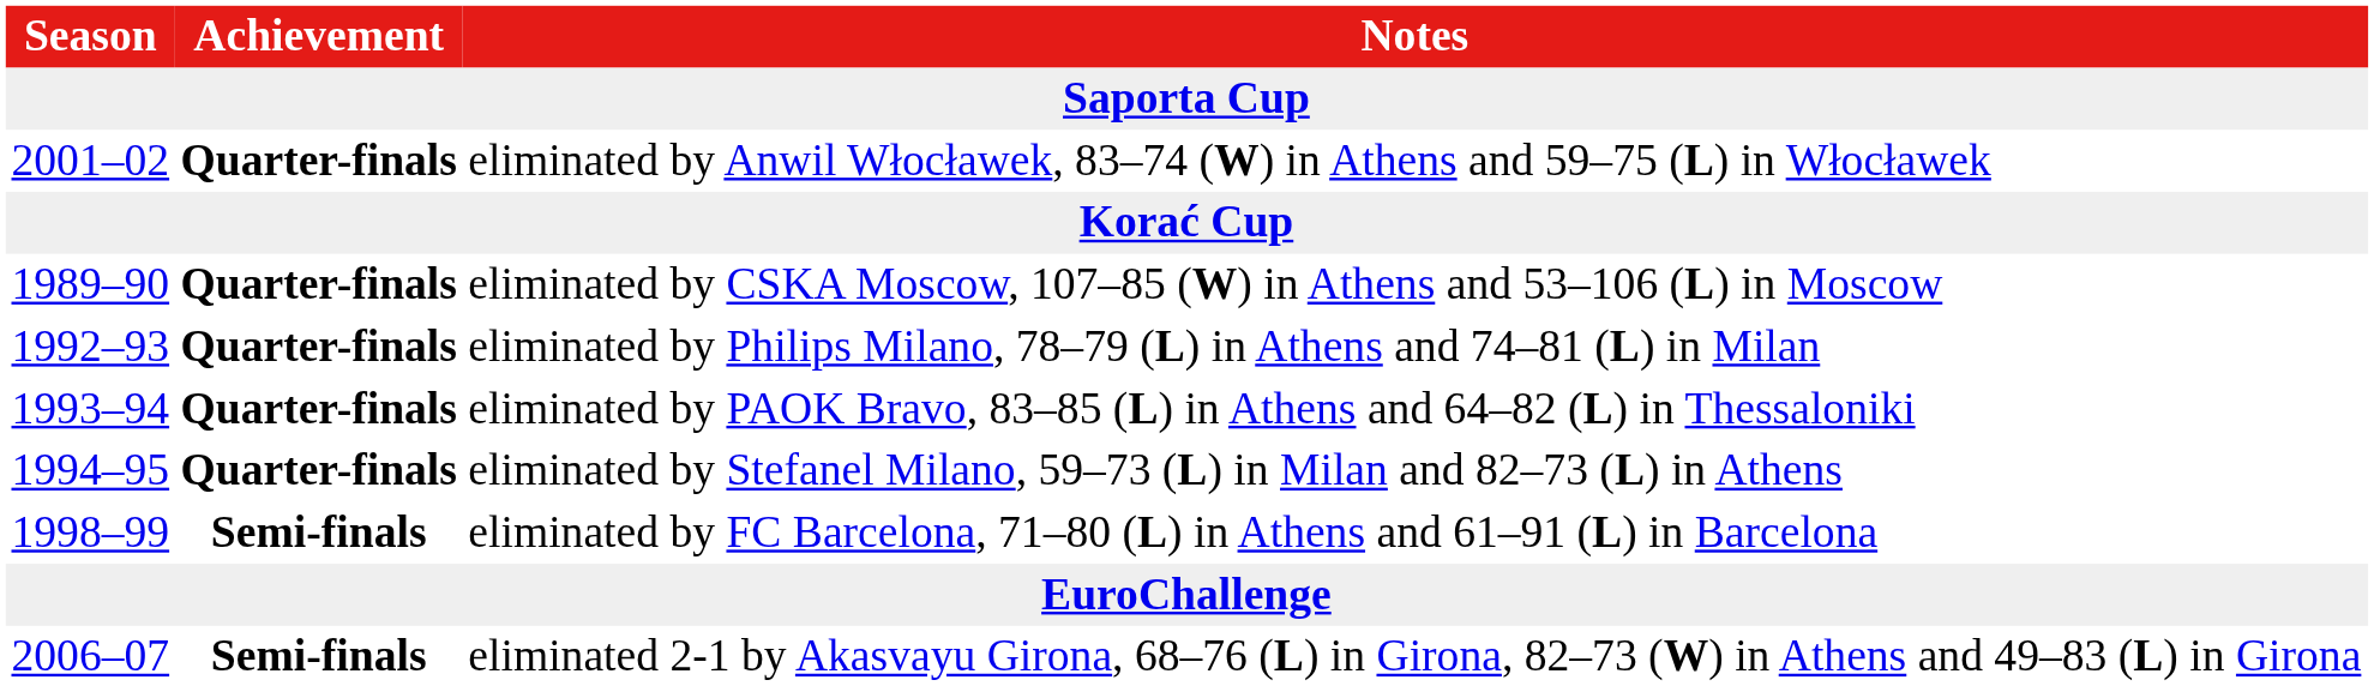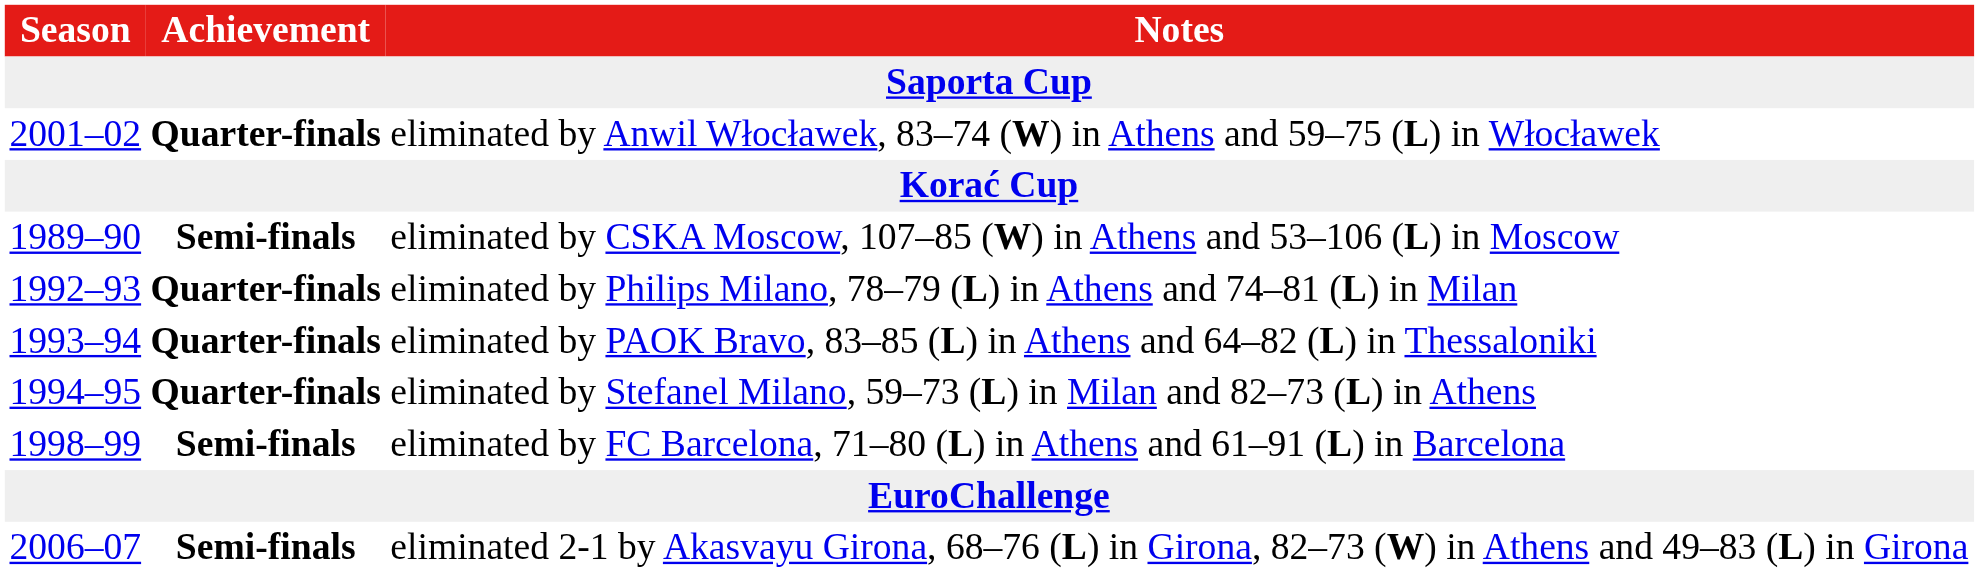 <table class="toccolours" border="0" cellpadding="2" cellspacing="0" align="left" style="margin:0.5em;">
 <tr>
 <th style="color:white; background:#E41B17;">Season</th>
 <th style="color:white; background:#E41B17;">Achievement</th>
 <th style="color:white; background:#E41B17;">Notes</th>
 </tr>
 <tr>
 <th colspan="4" bgcolor=#EFEFEF><a href='#'>Saporta Cup</a></th>
 </tr>
 <tr>
 <td align="center"><a href='#'>2001–02</a></td>
 <td align="center"><strong>Quarter-finals</strong></td>
 <td align="left">eliminated by <a href='#'>Anwil Włocławek</a>, 83–74 (<strong>W</strong>) in <a href='#'>Athens</a> and 59–75 (<strong>L</strong>) in <a href='#'>Włocławek</a></td>
 </tr>
 <tr>
 <th colspan="4" bgcolor=#EFEFEF><a href='#'>Korać Cup</a></th>
 </tr>
 <tr>
 <td align="center"><a href='#'>1989–90</a></td>
-<td align="center"><strong>Quarter-finals</strong></td>
+<td align="center"><strong>Semi-finals</strong></td>
 <td align="left">eliminated by <a href='#'>CSKA Moscow</a>, 107–85 (<strong>W</strong>) in <a href='#'>Athens</a> and 53–106 (<strong>L</strong>) in <a href='#'>Moscow</a></td>
 </tr>
 <tr>
 <td align="center"><a href='#'>1992–93</a></td>
 <td align="center"><strong>Quarter-finals</strong></td>
 <td align="left">eliminated by <a href='#'>Philips Milano</a>, 78–79 (<strong>L</strong>) in <a href='#'>Athens</a> and 74–81 (<strong>L</strong>) in <a href='#'>Milan</a></td>
 </tr>
 <tr>
 <td align="center"><a href='#'>1993–94</a></td>
 <td align="center"><strong>Quarter-finals</strong></td>
 <td align="left">eliminated by <a href='#'>PAOK Bravo</a>, 83–85 (<strong>L</strong>) in <a href='#'>Athens</a> and 64–82 (<strong>L</strong>) in <a href='#'>Thessaloniki</a></td>
 </tr>
 <tr>
 <td align="center"><a href='#'>1994–95</a></td>
 <td align="center"><strong>Quarter-finals</strong></td>
 <td align="left">eliminated by <a href='#'>Stefanel Milano</a>, 59–73 (<strong>L</strong>) in <a href='#'>Milan</a> and 82–73 (<strong>L</strong>) in <a href='#'>Athens</a></td>
 </tr>
 <tr>
 <td align="center"><a href='#'>1998–99</a></td>
 <td align="center"><strong>Semi-finals</strong></td>
 <td align="left">eliminated by <a href='#'>FC Barcelona</a>, 71–80 (<strong>L</strong>) in <a href='#'>Athens</a> and 61–91 (<strong>L</strong>) in <a href='#'>Barcelona</a></td>
 </tr>
 <tr>
 <th colspan="4" bgcolor=#EFEFEF><a href='#'>EuroChallenge</a></th>
 </tr>
 <tr>
 <td align="center"><a href='#'>2006–07</a></td>
 <td align="center"><strong>Semi-finals</strong></td>
 <td align="left">eliminated 2-1 by <a href='#'>Akasvayu Girona</a>, 68–76 (<strong>L</strong>) in <a href='#'>Girona</a>, 82–73 (<strong>W</strong>) in <a href='#'>Athens</a> and 49–83 (<strong>L</strong>) in <a href='#'>Girona</a></td>
 </tr>
 </table>
